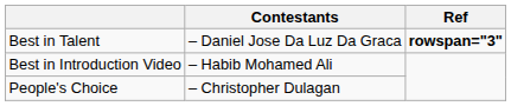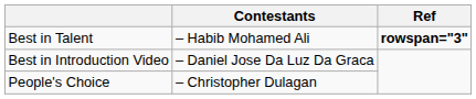 <table class="wikitable" style="font-size: 85%;">
 <tr>
 <th></th>
 <th>Contestants</th>
 <th>Ref</th>
 </tr>
 <tr>
 <td>Best in Talent</td>
-<td> – Daniel Jose Da Luz Da Graca</td>
+<td> – Habib Mohamed Ali</td>
 <td><strong>rowspan="3" </strong></td>
 </tr>
 <tr>
 <td>Best in Introduction Video</td>
-<td> – Habib Mohamed Ali</td>
+<td> – Daniel Jose Da Luz Da Graca</td>
 </tr>
 <tr>
 <td>People's Choice</td>
 <td> – Christopher Dulagan</td>
 </tr>
 </table>
